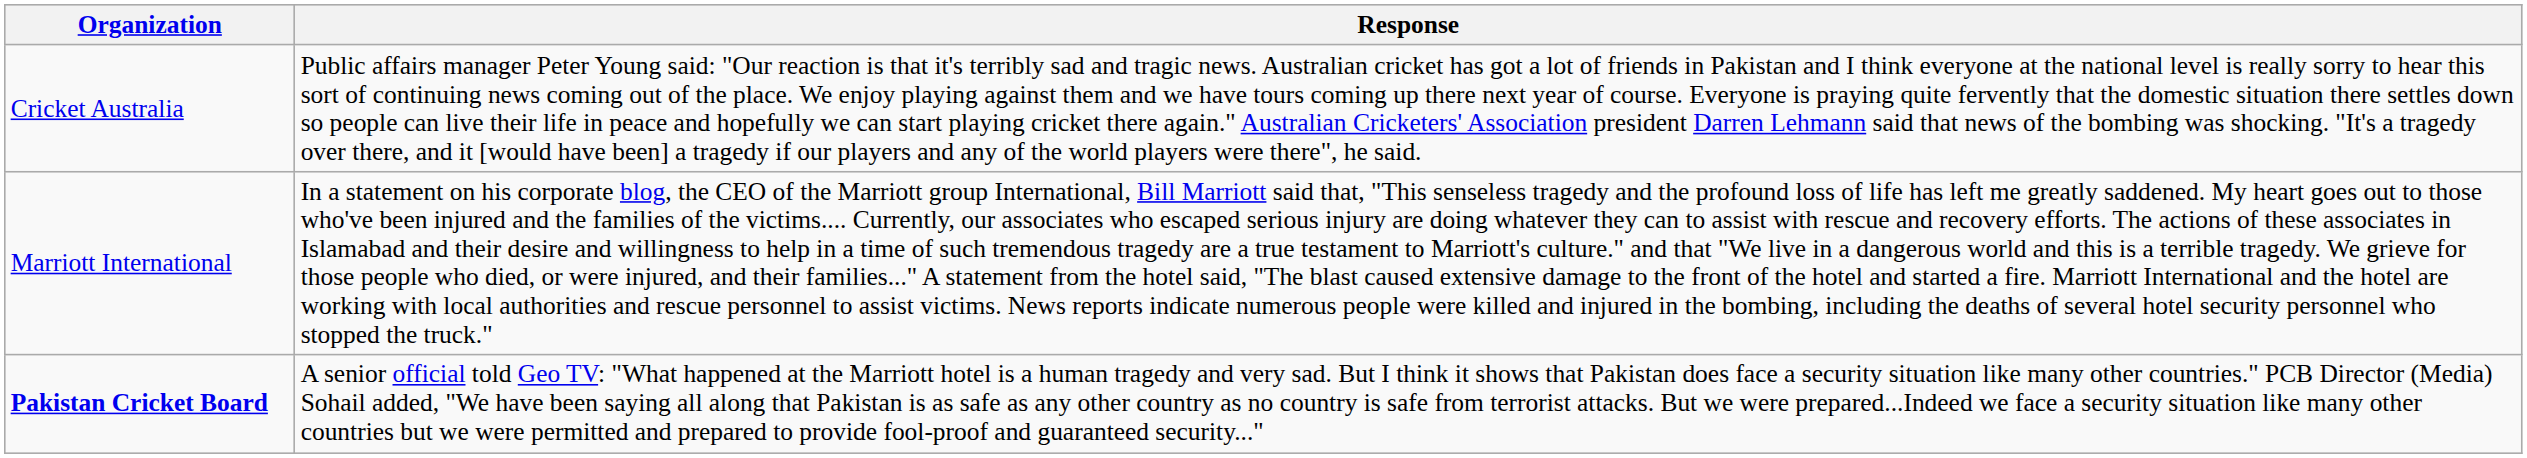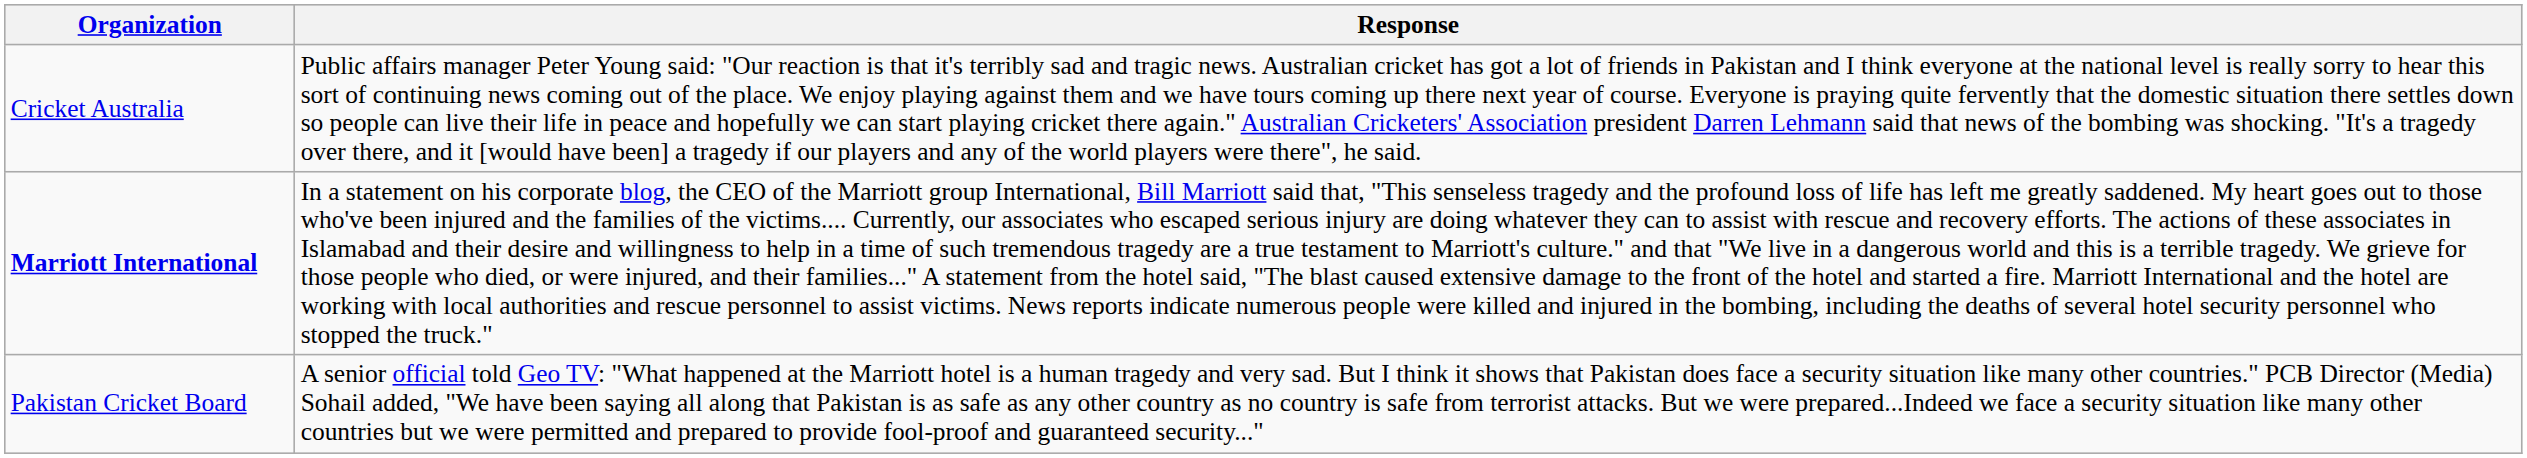 <table class="wikitable"  style="margin:auto; width:100%;">
 <tr>
 <th style="width:175px;"><a href='#'>Organization</a></th>
 <th>Response</th>
 </tr>
 <tr>
 <td> <a href='#'>Cricket Australia</a></td>
 <td>Public affairs manager Peter Young said: "Our reaction is that it's terribly sad and tragic news. Australian cricket has got a lot of friends in Pakistan and I think everyone at the national level is really sorry to hear this sort of continuing news coming out of the place. We enjoy playing against them and we have tours coming up there next year of course. Everyone is praying quite fervently that the domestic situation there settles down so people can live their life in peace and hopefully we can start playing cricket there again." <a href='#'>Australian Cricketers' Association</a> president <a href='#'>Darren Lehmann</a> said that news of the bombing was shocking. "It's a tragedy over there, and it [would have been] a tragedy if our players and any of the world players were there", he said.</td>
 </tr>
 <tr>
-<td> <a href='#'>Marriott International</a></td>
+<td><strong> <a href='#'>Marriott International</a></strong></td>
 <td>In a statement on his corporate <a href='#'>blog</a>, the CEO of the Marriott group International, <a href='#'>Bill Marriott</a> said that, "This senseless tragedy and the profound loss of life has left me greatly saddened. My heart goes out to those who've been injured and the families of the victims.... Currently, our associates who escaped serious injury are doing whatever they can to assist with rescue and recovery efforts. The actions of these associates in Islamabad and their desire and willingness to help in a time of such tremendous tragedy are a true testament to Marriott's culture." and that "We live in a dangerous world and this is a terrible tragedy. We grieve for those people who died, or were injured, and their families..." A statement from the hotel said, "The blast caused extensive damage to the front of the hotel and started a fire. Marriott International and the hotel are working with local authorities and rescue personnel to assist victims. News reports indicate numerous people were killed and injured in the bombing, including the deaths of several hotel security personnel who stopped the truck."</td>
 </tr>
 <tr>
-<td><strong> <a href='#'>Pakistan Cricket Board</a></strong></td>
+<td> <a href='#'>Pakistan Cricket Board</a></td>
 <td>A senior <a href='#'>official</a> told <a href='#'>Geo TV</a>: "What happened at the Marriott hotel is a human tragedy and very sad. But I think it shows that Pakistan does face a security situation like many other countries." PCB Director (Media) Sohail added, "We have been saying all along that Pakistan is as safe as any other country as no country is safe from terrorist attacks. But we were prepared...Indeed we face a security situation like many other countries but we were permitted and prepared to provide fool-proof and guaranteed security..."</td>
 </tr>
 </table>
